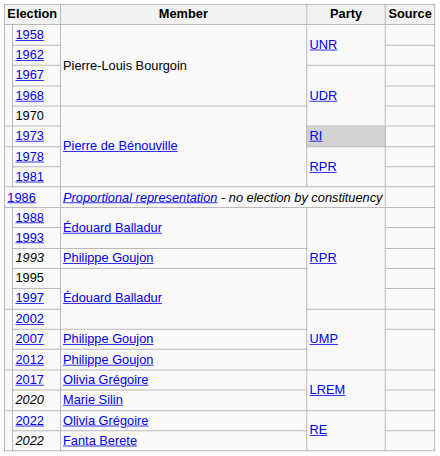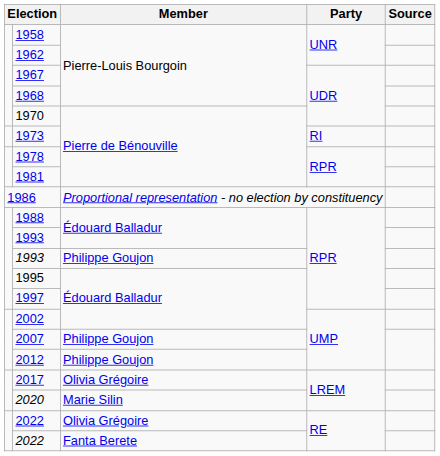 <table class="wikitable">
 <tr>
 <th colspan="2">Election</th>
 <th>Member</th>
 <th>Party</th>
 <th>Source</th>
 </tr>
 <tr>
 <td rowspan="5" style="color:inherit;background-color: "></td>
 <td><a href='#'>1958</a></td>
 <td rowspan="4">Pierre-Louis Bourgoin</td>
 <td rowspan="2"><a href='#'>UNR</a></td>
 <td></td>
 </tr>
 <tr>
 <td><a href='#'>1962</a></td>
 <td></td>
 </tr>
 <tr>
 <td><a href='#'>1967</a></td>
 <td rowspan="3"><a href='#'>UDR</a></td>
 <td></td>
 </tr>
 <tr>
 <td><a href='#'>1968</a></td>
 <td></td>
 </tr>
 <tr>
 <td>1970</td>
 <td rowspan="4"><a href='#'>Pierre de Bénouville</a></td>
 <td></td>
 </tr>
 <tr>
 <td style="color:inherit;background-color: "></td>
 <td><a href='#'>1973</a></td>
-<td style="background: lightgrey;"><a href='#'>RI</a></td>
+<td><a href='#'>RI</a></td>
 <td></td>
 </tr>
 <tr>
 <td rowspan="2" style="color:inherit;background-color: "></td>
 <td><a href='#'>1978</a></td>
 <td rowspan="2"><a href='#'>RPR</a></td>
 <td></td>
 </tr>
 <tr>
 <td><a href='#'>1981</a></td>
 <td></td>
 </tr>
 <tr>
 <td colspan="2"><a href='#'>1986</a></td>
 <td colspan="2"><em><a href='#'>Proportional representation</a> - no election by constituency</em></td>
 <td></td>
 </tr>
 <tr>
 <td rowspan="5" style="color:inherit;background-color: "></td>
 <td><a href='#'>1988</a></td>
 <td rowspan="2"><a href='#'>Édouard Balladur</a></td>
 <td rowspan="5"><a href='#'>RPR</a></td>
 <td></td>
 </tr>
 <tr>
 <td><a href='#'>1993</a></td>
 <td></td>
 </tr>
 <tr>
 <td><em>1993</em></td>
 <td><a href='#'>Philippe Goujon</a></td>
 <td></td>
 </tr>
 <tr>
 <td>1995</td>
 <td rowspan="3"><a href='#'>Édouard Balladur</a></td>
 <td></td>
 </tr>
 <tr>
 <td><a href='#'>1997</a></td>
 <td></td>
 </tr>
 <tr>
 <td rowspan="3" style="color:inherit;background-color: "></td>
 <td><a href='#'>2002</a></td>
 <td rowspan="3"><a href='#'>UMP</a></td>
 <td></td>
 </tr>
 <tr>
 <td><a href='#'>2007</a></td>
 <td><a href='#'>Philippe Goujon</a></td>
 <td rowspan="2"></td>
 </tr>
 <tr>
 <td><a href='#'>2012</a></td>
 <td><a href='#'>Philippe Goujon</a></td>
 </tr>
 <tr>
 <td rowspan="2" style="color:inherit;background:"></td>
 <td><a href='#'>2017</a></td>
 <td><a href='#'>Olivia Grégoire</a></td>
 <td rowspan="2"><a href='#'>LREM</a></td>
 <td></td>
 </tr>
 <tr>
 <td><em>2020</em></td>
 <td><a href='#'>Marie Silin</a></td>
 <td></td>
 </tr>
 <tr>
 <td rowspan="2" style="color:inherit;background:"></td>
 <td><a href='#'>2022</a></td>
 <td><a href='#'>Olivia Grégoire</a></td>
 <td rowspan="2"><a href='#'>RE</a></td>
 <td></td>
 </tr>
 <tr>
 <td><em>2022</em></td>
 <td><a href='#'>Fanta Berete</a></td>
 <td></td>
 </tr>
 </table>
